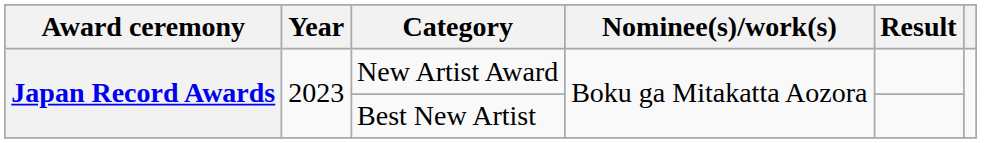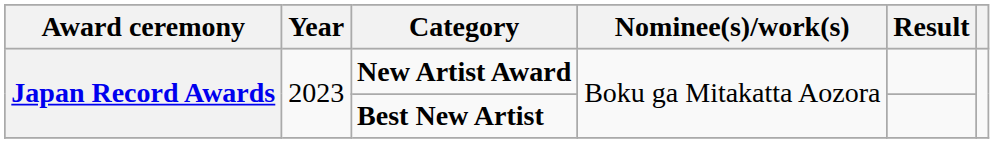 <table class="wikitable sortable plainrowheaders">
 <tr style="background:#ccc; text-align:center">
 <th scope="col">Award ceremony</th>
 <th scope="col">Year</th>
 <th scope="col">Category</th>
 <th scope="col">Nominee(s)/work(s)</th>
 <th scope="col">Result</th>
 <th scope="col" class="unsortable"></th>
 </tr>
 <tr>
 <th scope="row" rowspan="2"><a href='#'>Japan Record Awards</a></th>
 <td style="text-align:center" rowspan="2">2023</td>
-<td>New Artist Award</td>
+<td><strong>New Artist Award</strong></td>
 <td rowspan="2">Boku ga Mitakatta Aozora</td>
 <td></td>
 <td style="text-align:center" rowspan="2"></td>
 </tr>
 <tr>
-<td>Best New Artist</td>
+<td><strong>Best New Artist</strong></td>
 <td></td>
 </tr>
 </table>
